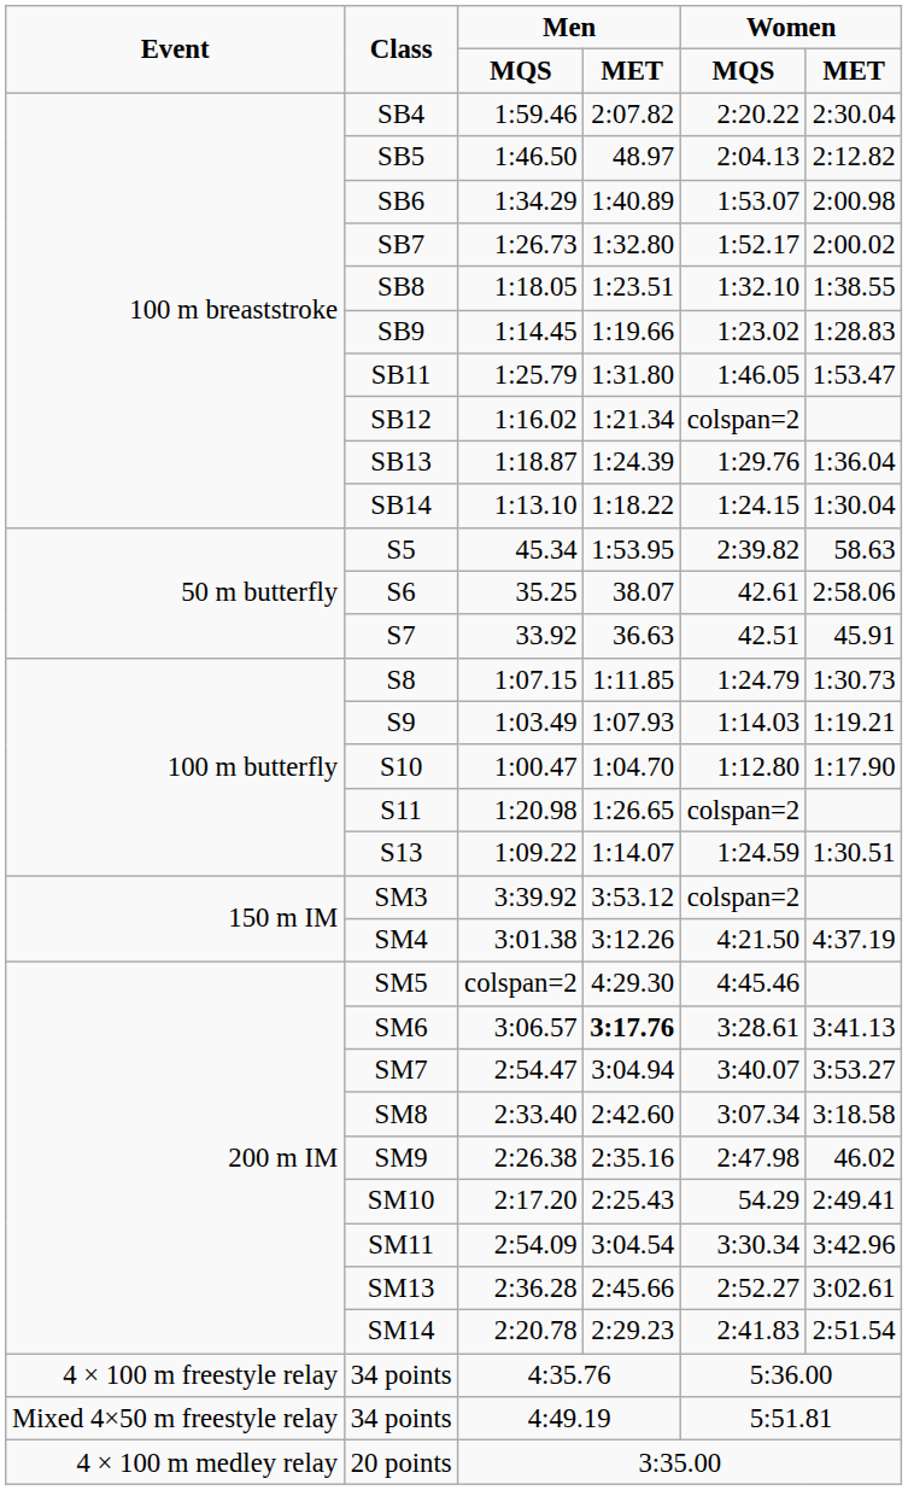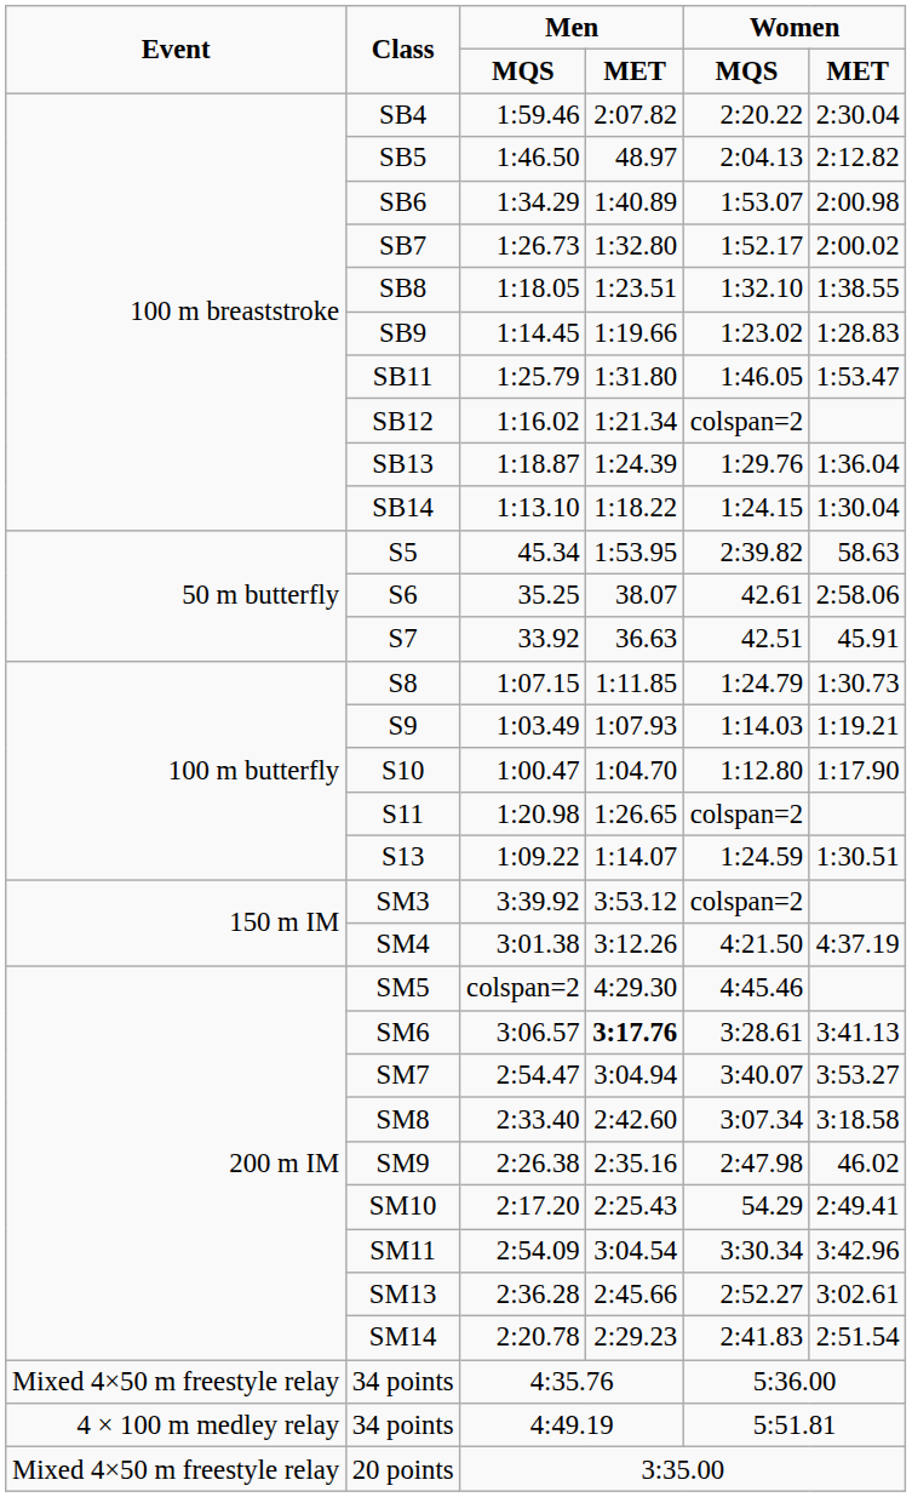 <table class="wikitable" style="text-align:right">
 <tr>
 <td align="center" rowspan="2"><strong>Event</strong></td>
 <td align="center" rowspan="2"><strong>Class</strong></td>
 <td align="center" colspan="2"><strong>Men</strong></td>
 <td align="center" colspan="2"><strong>Women</strong></td>
 </tr>
 <tr>
 <td align="center"><strong>MQS</strong></td>
 <td align="center"><strong>MET</strong></td>
 <td align="center"><strong>MQS</strong></td>
 <td align="center"><strong>MET</strong></td>
 </tr>
 <tr>
 <td rowspan="10">100 m breaststroke</td>
 <td align="center">SB4</td>
 <td>1:59.46</td>
 <td>2:07.82</td>
 <td>2:20.22</td>
 <td>2:30.04</td>
 </tr>
 <tr>
 <td align="center">SB5</td>
 <td>1:46.50</td>
 <td>48.97</td>
 <td>2:04.13</td>
 <td>2:12.82</td>
 </tr>
 <tr>
 <td align="center">SB6</td>
 <td>1:34.29</td>
 <td>1:40.89</td>
 <td>1:53.07</td>
 <td>2:00.98</td>
 </tr>
 <tr>
 <td align="center">SB7</td>
 <td>1:26.73</td>
 <td>1:32.80</td>
 <td>1:52.17</td>
 <td>2:00.02</td>
 </tr>
 <tr>
 <td align="center">SB8</td>
 <td>1:18.05</td>
 <td>1:23.51</td>
 <td>1:32.10</td>
 <td>1:38.55</td>
 </tr>
 <tr>
 <td align="center">SB9</td>
 <td>1:14.45</td>
 <td>1:19.66</td>
 <td>1:23.02</td>
 <td>1:28.83</td>
 </tr>
 <tr>
 <td align="center">SB11</td>
 <td>1:25.79</td>
 <td>1:31.80</td>
 <td>1:46.05</td>
 <td>1:53.47</td>
 </tr>
 <tr>
 <td align="center">SB12</td>
 <td>1:16.02</td>
 <td>1:21.34</td>
 <td>colspan=2 </td>
 </tr>
 <tr>
 <td align="center">SB13</td>
 <td>1:18.87</td>
 <td>1:24.39</td>
 <td>1:29.76</td>
 <td>1:36.04</td>
 </tr>
 <tr>
 <td align="center">SB14</td>
 <td>1:13.10</td>
 <td>1:18.22</td>
 <td>1:24.15</td>
 <td>1:30.04</td>
 </tr>
 <tr>
 <td rowspan="3">50 m butterfly</td>
 <td align="center">S5</td>
 <td>45.34</td>
 <td>1:53.95</td>
 <td>2:39.82</td>
 <td>58.63</td>
 </tr>
 <tr>
 <td align="center">S6</td>
 <td>35.25</td>
 <td>38.07</td>
 <td>42.61</td>
 <td>2:58.06</td>
 </tr>
 <tr>
 <td align="center">S7</td>
 <td>33.92</td>
 <td>36.63</td>
 <td>42.51</td>
 <td>45.91</td>
 </tr>
 <tr>
 <td rowspan="5">100 m butterfly</td>
 <td align="center">S8</td>
 <td>1:07.15</td>
 <td>1:11.85</td>
 <td>1:24.79</td>
 <td>1:30.73</td>
 </tr>
 <tr>
 <td align="center">S9</td>
 <td>1:03.49</td>
 <td>1:07.93</td>
 <td>1:14.03</td>
 <td>1:19.21</td>
 </tr>
 <tr>
 <td align="center">S10</td>
 <td>1:00.47</td>
 <td>1:04.70</td>
 <td>1:12.80</td>
 <td>1:17.90</td>
 </tr>
 <tr>
 <td align="center">S11</td>
 <td>1:20.98</td>
 <td>1:26.65</td>
 <td>colspan=2 </td>
 </tr>
 <tr>
 <td align="center">S13</td>
 <td>1:09.22</td>
 <td>1:14.07</td>
 <td>1:24.59</td>
 <td>1:30.51</td>
 </tr>
 <tr>
 <td rowspan="2">150 m IM</td>
 <td align="center">SM3</td>
 <td>3:39.92</td>
 <td>3:53.12</td>
 <td>colspan=2 </td>
 </tr>
 <tr>
 <td align="center">SM4</td>
 <td>3:01.38</td>
 <td>3:12.26</td>
 <td>4:21.50</td>
 <td>4:37.19</td>
 </tr>
 <tr>
 <td rowspan="9">200 m IM</td>
 <td align="center">SM5</td>
 <td>colspan=2 </td>
 <td>4:29.30</td>
 <td>4:45.46</td>
 </tr>
 <tr>
 <td align="center">SM6</td>
 <td>3:06.57</td>
 <td><strong>3:17.76</strong></td>
 <td>3:28.61</td>
 <td>3:41.13</td>
 </tr>
 <tr>
 <td align="center">SM7</td>
 <td>2:54.47</td>
 <td>3:04.94</td>
 <td>3:40.07</td>
 <td>3:53.27</td>
 </tr>
 <tr>
 <td align="center">SM8</td>
 <td>2:33.40</td>
 <td>2:42.60</td>
 <td>3:07.34</td>
 <td>3:18.58</td>
 </tr>
 <tr>
 <td align="center">SM9</td>
 <td>2:26.38</td>
 <td>2:35.16</td>
 <td>2:47.98</td>
 <td>46.02</td>
 </tr>
 <tr>
 <td align="center">SM10</td>
 <td>2:17.20</td>
 <td>2:25.43</td>
 <td>54.29</td>
 <td>2:49.41</td>
 </tr>
 <tr>
 <td align="center">SM11</td>
 <td>2:54.09</td>
 <td>3:04.54</td>
 <td>3:30.34</td>
 <td>3:42.96</td>
 </tr>
 <tr>
 <td align="center">SM13</td>
 <td>2:36.28</td>
 <td>2:45.66</td>
 <td>2:52.27</td>
 <td>3:02.61</td>
 </tr>
 <tr>
 <td align="center">SM14</td>
 <td>2:20.78</td>
 <td>2:29.23</td>
 <td>2:41.83</td>
 <td>2:51.54</td>
 </tr>
 <tr>
-<td>4 × 100 m freestyle relay</td>
+<td>Mixed 4×50 m freestyle relay</td>
 <td align="center">34 points</td>
 <td colspan=2 align="center">4:35.76</td>
 <td colspan=2 align="center">5:36.00</td>
 </tr>
 <tr>
-<td>Mixed 4×50 m freestyle relay</td>
+<td>4 × 100 m medley relay</td>
 <td align="center">34 points</td>
 <td colspan=2 align="center">4:49.19</td>
 <td colspan=2 align="center">5:51.81</td>
 </tr>
 <tr>
-<td>4 × 100 m medley relay</td>
+<td>Mixed 4×50 m freestyle relay</td>
 <td align="center">20 points</td>
 <td colspan=4 align="center">3:35.00</td>
 </tr>
 </table>
